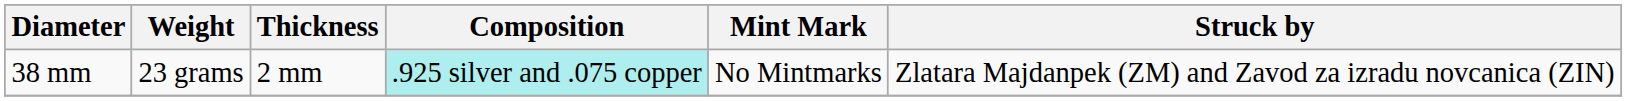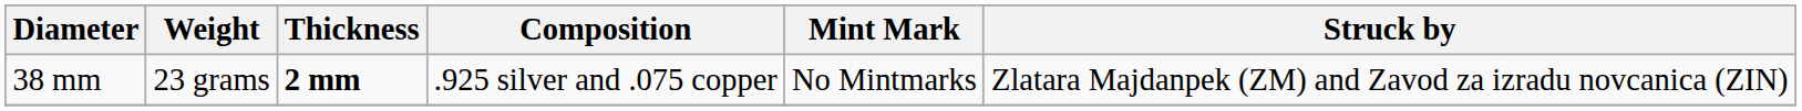 <table class="wikitable">
 <tr>
 <th>Diameter</th>
 <th>Weight</th>
 <th>Thickness</th>
 <th>Composition</th>
 <th>Mint Mark</th>
 <th>Struck by</th>
 </tr>
 <tr>
 <td>38 mm</td>
 <td>23 grams</td>
-<td>2 mm</td>
-<td style="background: paleturquoise;">.925 silver and .075 copper</td>
+<td><strong>2 mm</strong></td>
+<td>.925 silver and .075 copper</td>
 <td>No Mintmarks</td>
 <td>Zlatara Majdanpek (ZM) and Zavod za izradu novcanica (ZIN)</td>
 </tr>
 <tr>
 </tr>
 </table>
